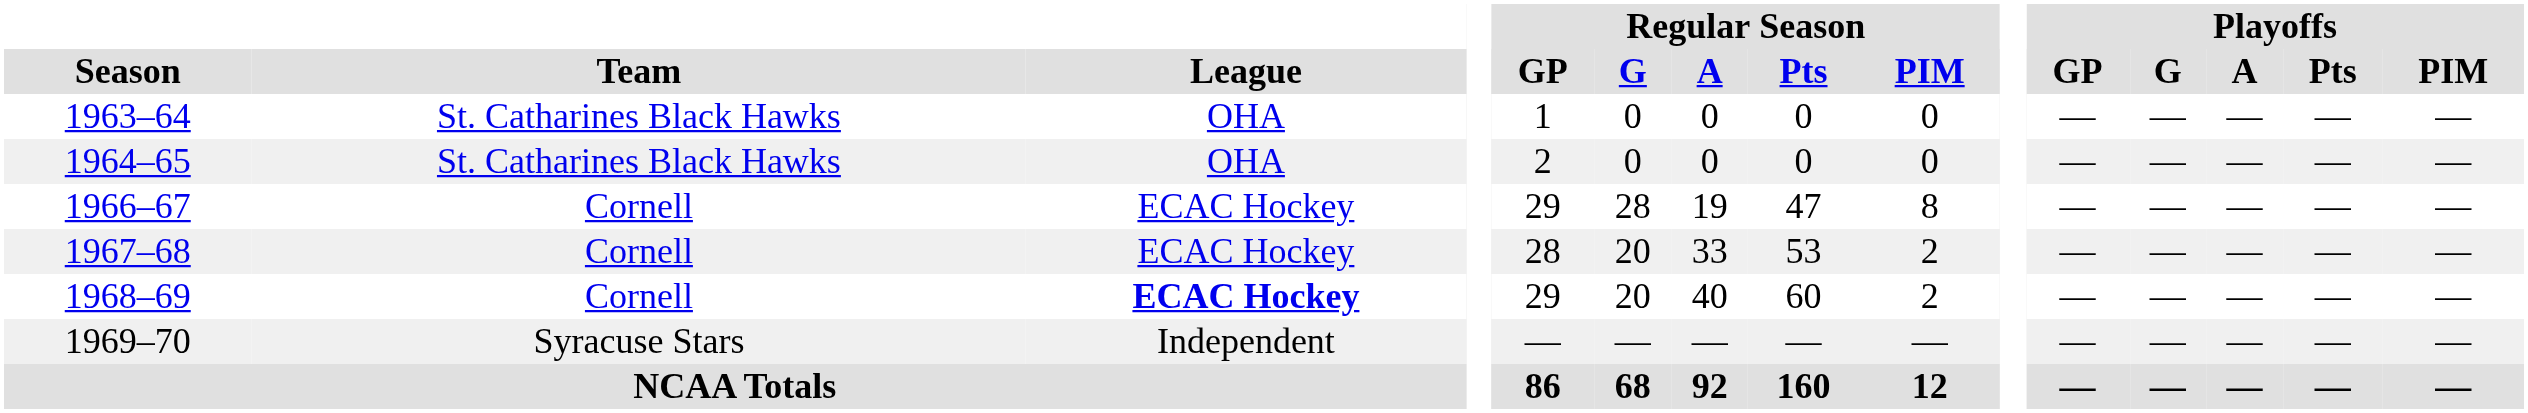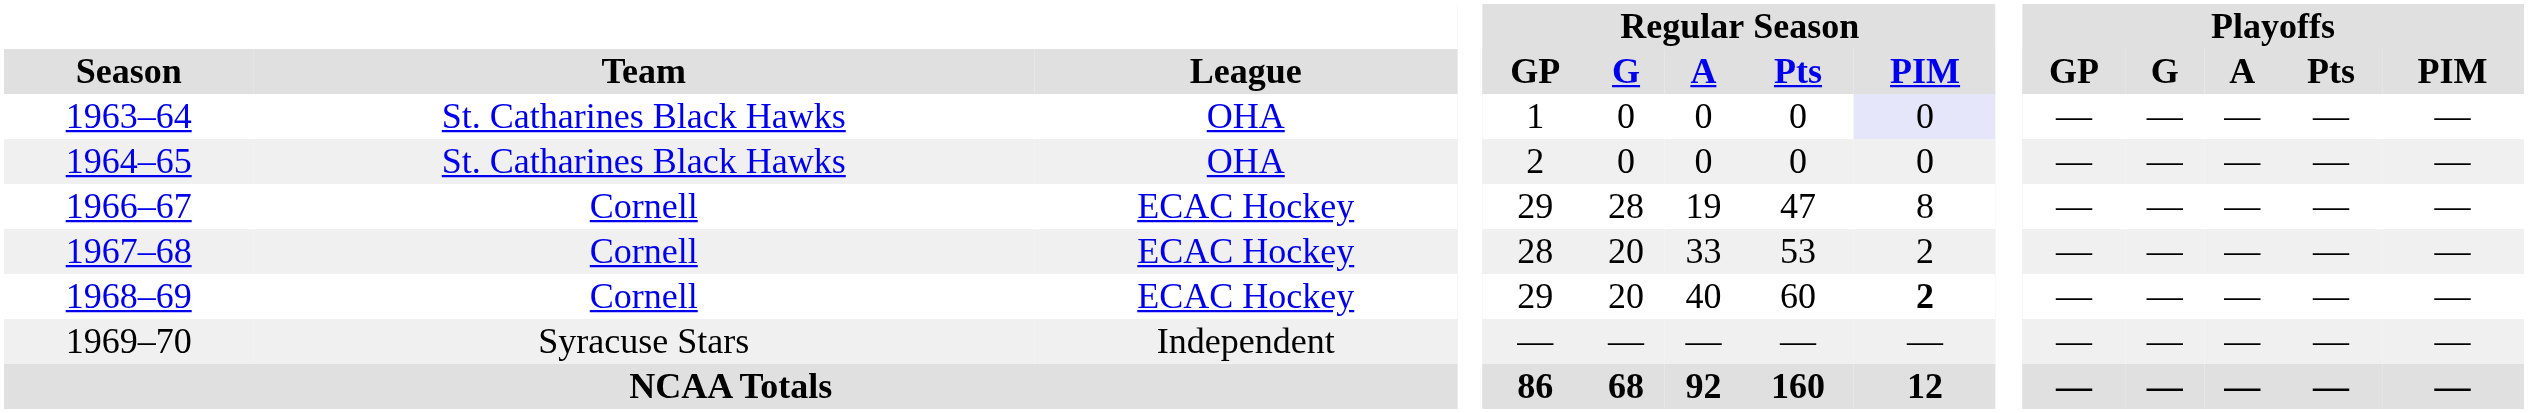 <table border="0" cellpadding="1" cellspacing="0" style="text-align:center; width:70em">
 <tr bgcolor="#e0e0e0">
 <th colspan="3"  bgcolor="#ffffff"> </th>
 <th rowspan="99" bgcolor="#ffffff"> </th>
 <th colspan="5">Regular Season</th>
 <th rowspan="99" bgcolor="#ffffff"> </th>
 <th colspan="5">Playoffs</th>
 </tr>
 <tr bgcolor="#e0e0e0">
 <th>Season</th>
 <th>Team</th>
 <th>League</th>
 <th>GP</th>
 <th><a href='#'>G</a></th>
 <th><a href='#'>A</a></th>
 <th><a href='#'>Pts</a></th>
 <th><a href='#'>PIM</a></th>
 <th>GP</th>
 <th>G</th>
 <th>A</th>
 <th>Pts</th>
 <th>PIM</th>
 </tr>
 <tr>
 <td><a href='#'>1963–64</a></td>
 <td><a href='#'>St. Catharines Black Hawks</a></td>
 <td><a href='#'>OHA</a></td>
 <td>1</td>
 <td>0</td>
 <td>0</td>
 <td>0</td>
-<td>0</td>
+<td style="background: lavender;">0</td>
 <td>—</td>
 <td>—</td>
 <td>—</td>
 <td>—</td>
 <td>—</td>
 </tr>
 <tr bgcolor=f0f0f0>
 <td><a href='#'>1964–65</a></td>
 <td><a href='#'>St. Catharines Black Hawks</a></td>
 <td><a href='#'>OHA</a></td>
 <td>2</td>
 <td>0</td>
 <td>0</td>
 <td>0</td>
 <td>0</td>
 <td>—</td>
 <td>—</td>
 <td>—</td>
 <td>—</td>
 <td>—</td>
 </tr>
 <tr>
 <td><a href='#'>1966–67</a></td>
 <td><a href='#'>Cornell</a></td>
 <td><a href='#'>ECAC Hockey</a></td>
 <td>29</td>
 <td>28</td>
 <td>19</td>
 <td>47</td>
 <td>8</td>
 <td>—</td>
 <td>—</td>
 <td>—</td>
 <td>—</td>
 <td>—</td>
 </tr>
 <tr bgcolor=f0f0f0>
 <td><a href='#'>1967–68</a></td>
 <td><a href='#'>Cornell</a></td>
 <td><a href='#'>ECAC Hockey</a></td>
 <td>28</td>
 <td>20</td>
 <td>33</td>
 <td>53</td>
 <td>2</td>
 <td>—</td>
 <td>—</td>
 <td>—</td>
 <td>—</td>
 <td>—</td>
 </tr>
 <tr>
 <td><a href='#'>1968–69</a></td>
 <td><a href='#'>Cornell</a></td>
-<td><strong><a href='#'>ECAC Hockey</a></strong></td>
+<td><a href='#'>ECAC Hockey</a></td>
 <td>29</td>
 <td>20</td>
 <td>40</td>
 <td>60</td>
-<td>2</td>
+<td><strong>2</strong></td>
 <td>—</td>
 <td>—</td>
 <td>—</td>
 <td>—</td>
 <td>—</td>
 </tr>
 <tr bgcolor=f0f0f0>
 <td>1969–70</td>
 <td>Syracuse Stars</td>
 <td>Independent</td>
 <td>—</td>
 <td>—</td>
 <td>—</td>
 <td>—</td>
 <td>—</td>
 <td>—</td>
 <td>—</td>
 <td>—</td>
 <td>—</td>
 <td>—</td>
 </tr>
 <tr bgcolor="#e0e0e0">
 <th colspan="3">NCAA Totals</th>
 <th>86</th>
 <th>68</th>
 <th>92</th>
 <th>160</th>
 <th>12</th>
 <th>—</th>
 <th>—</th>
 <th>—</th>
 <th>—</th>
 <th>—</th>
 </tr>
 </table>
